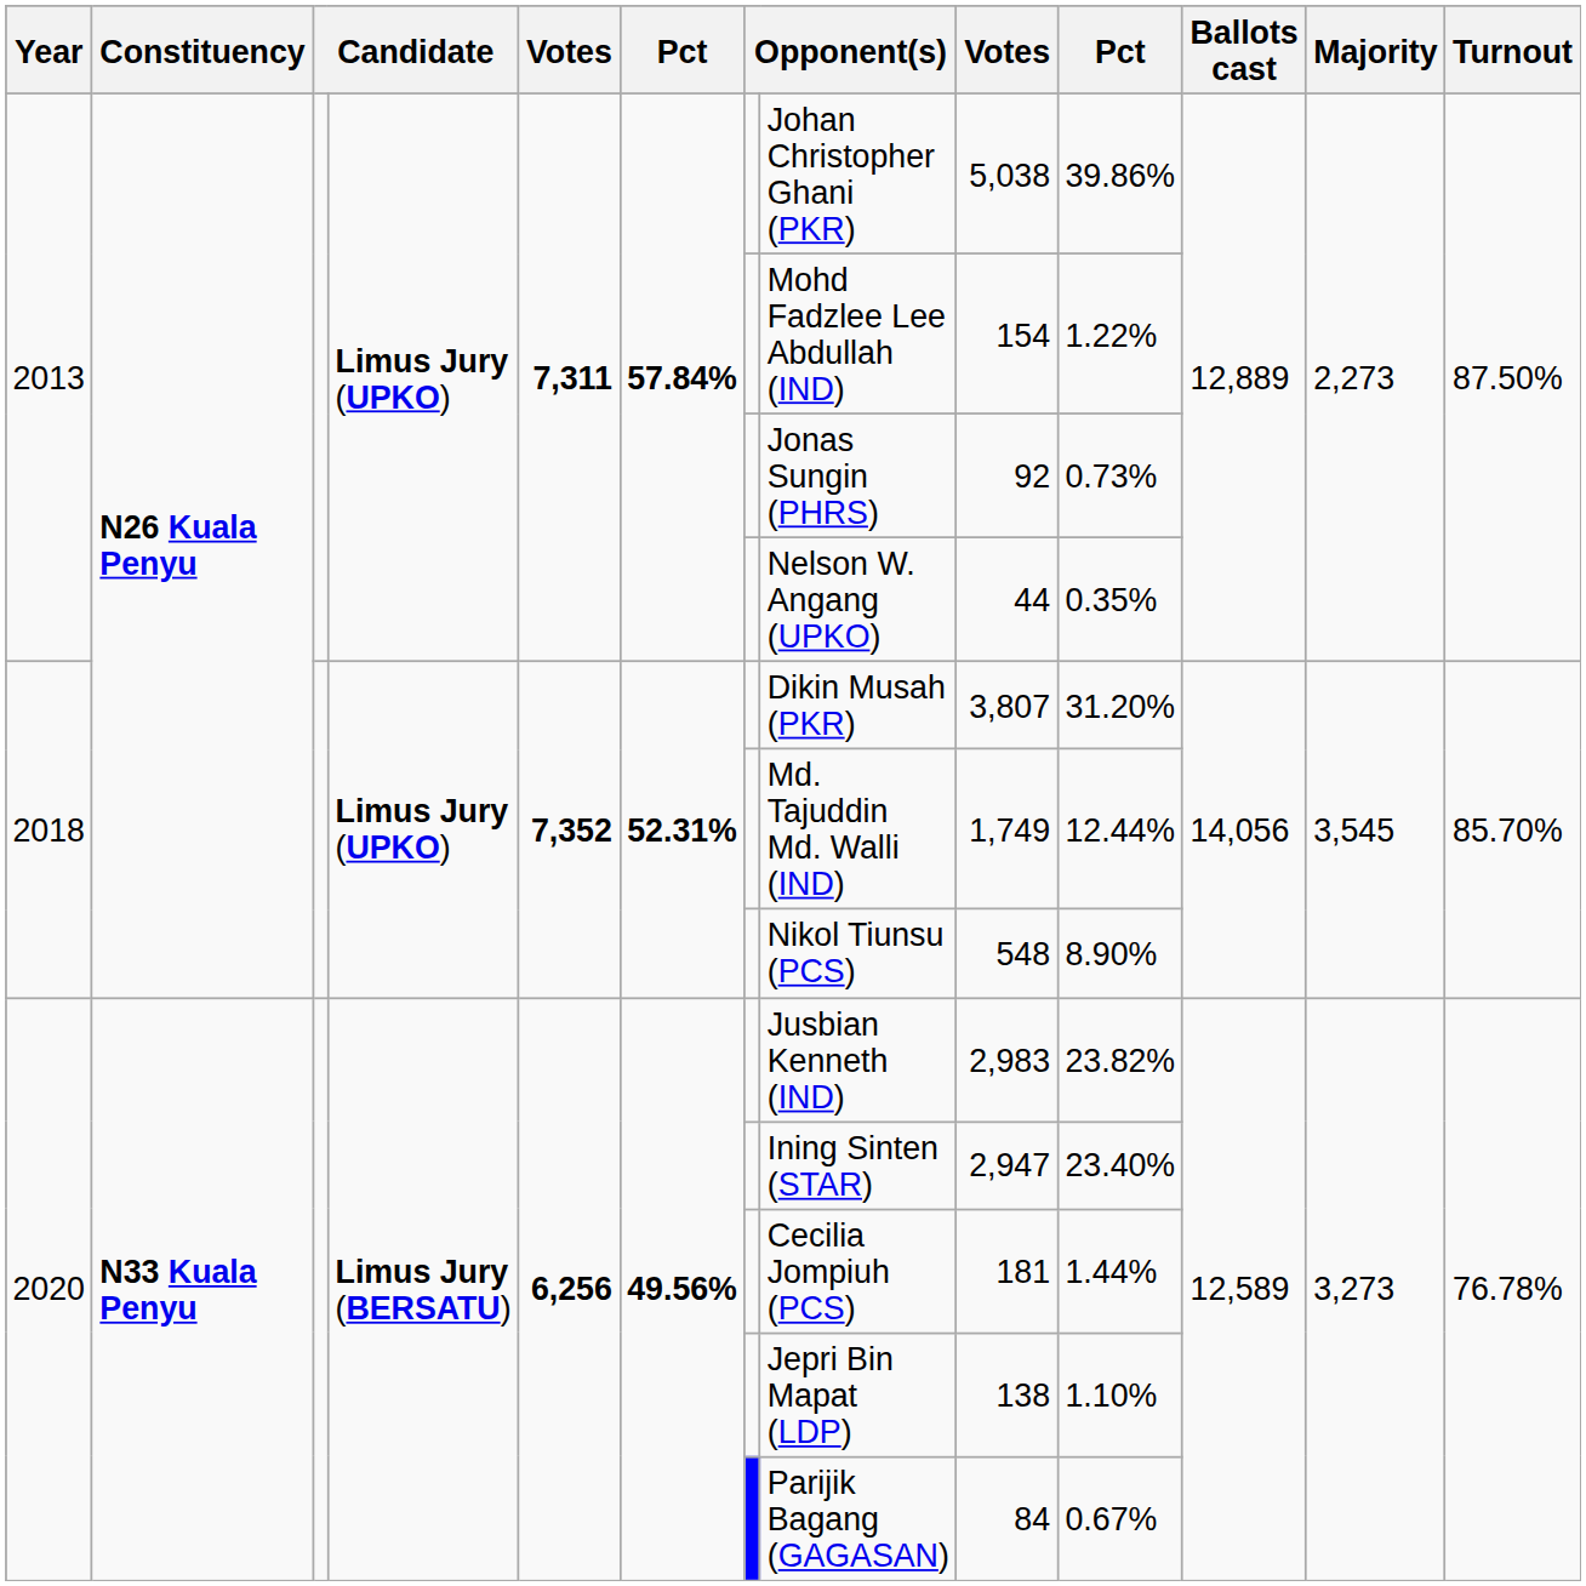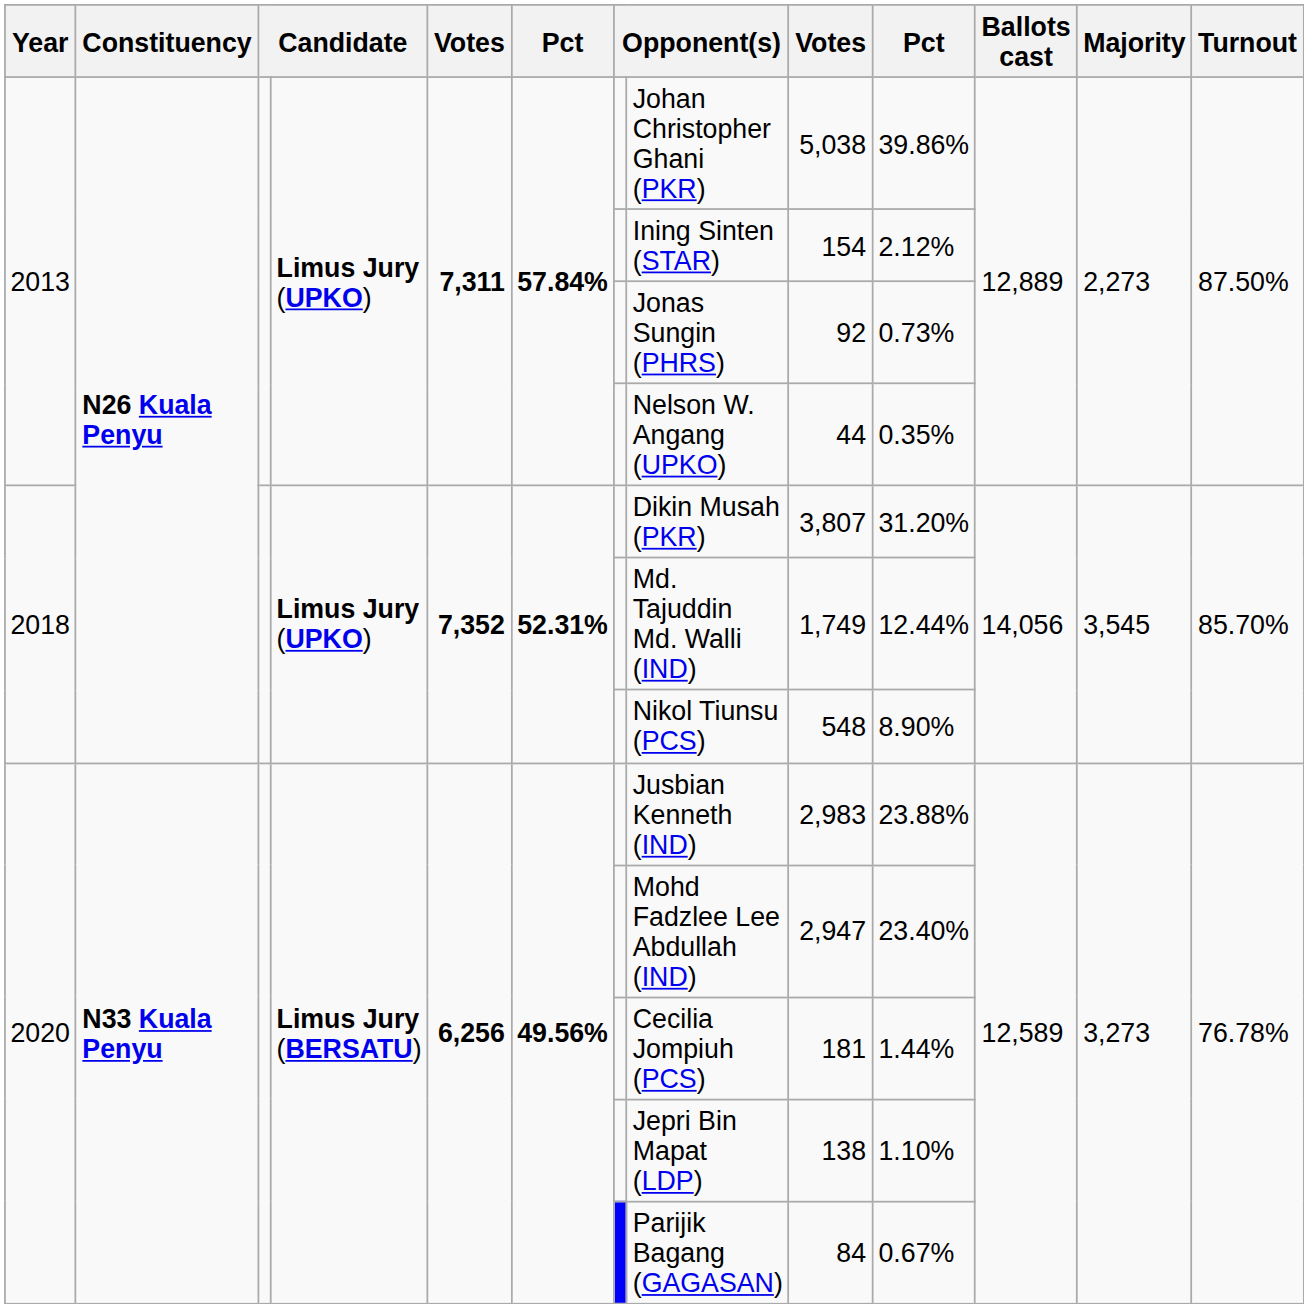 <table class="wikitable" style="margin:0.5em ; font-size:95%">
 <tr>
 <th>Year</th>
 <th>Constituency</th>
 <th colspan=2>Candidate</th>
 <th>Votes</th>
 <th>Pct</th>
 <th colspan=2>Opponent(s)</th>
 <th>Votes</th>
 <th>Pct</th>
 <th>Ballots cast</th>
 <th>Majority</th>
 <th>Turnout</th>
 </tr>
 <tr>
 <td rowspan=4>2013</td>
 <td rowspan=7><strong>N26 <a href='#'>Kuala Penyu</a></strong></td>
 <td rowspan=4 ></td>
 <td rowspan=4><strong>Limus Jury</strong> (<a href='#'><strong>UPKO</strong></a>)</td>
 <td rowspan=4 align="right"><strong>7,311</strong></td>
 <td rowspan=4><strong>57.84%</strong></td>
 <td></td>
 <td>Johan Christopher Ghani (<a href='#'>PKR</a>)</td>
 <td align="right">5,038</td>
 <td>39.86%</td>
 <td rowspan=4>12,889</td>
 <td rowspan=4>2,273</td>
 <td rowspan=4>87.50%</td>
 </tr>
 <tr>
 <td></td>
-<td>Mohd Fadzlee Lee Abdullah (<a href='#'>IND</a>)</td>
+<td>Ining Sinten (<a href='#'>STAR</a>)</td>
 <td align="right">154</td>
-<td>1.22%</td>
+<td>2.12%</td>
 </tr>
 <tr>
 <td></td>
 <td>Jonas Sungin (<a href='#'>PHRS</a>)</td>
 <td align="right">92</td>
 <td>0.73%</td>
 </tr>
 <tr>
 <td></td>
 <td>Nelson W. Angang (<a href='#'>UPKO</a>)</td>
 <td align="right">44</td>
 <td>0.35%</td>
 </tr>
 <tr>
 <td rowspan=3>2018</td>
 <td rowspan=3 ></td>
 <td rowspan=3><strong>Limus Jury</strong> (<a href='#'><strong>UPKO</strong></a>)</td>
 <td rowspan=3 align="right"><strong>7,352</strong></td>
 <td rowspan=3><strong>52.31%</strong></td>
 <td></td>
 <td>Dikin Musah (<a href='#'>PKR</a>)</td>
 <td align="right">3,807</td>
 <td>31.20%</td>
 <td rowspan=3>14,056</td>
 <td rowspan=3>3,545</td>
 <td rowspan=3>85.70%</td>
 </tr>
 <tr>
 <td></td>
 <td>Md. Tajuddin Md. Walli (<a href='#'>IND</a>)</td>
 <td align="right">1,749</td>
 <td>12.44%</td>
 </tr>
 <tr>
 <td></td>
 <td>Nikol Tiunsu (<a href='#'>PCS</a>)</td>
 <td align="right">548</td>
 <td>8.90%</td>
 </tr>
 <tr>
 <td rowspan=5>2020</td>
 <td rowspan=5><strong>N33 <a href='#'>Kuala Penyu</a></strong></td>
 <td rowspan=5 bgcolor=></td>
 <td rowspan=5><strong>Limus Jury</strong> (<a href='#'><strong>BERSATU</strong></a>)</td>
 <td rowspan=5 align="right"><strong>6,256</strong></td>
 <td rowspan=5><strong>49.56%</strong></td>
 <td></td>
 <td>Jusbian Kenneth (<a href='#'>IND</a>)</td>
 <td align="right">2,983</td>
-<td>23.82%</td>
+<td>23.88%</td>
 <td rowspan=5>12,589</td>
 <td rowspan=5>3,273</td>
 <td rowspan=5>76.78%</td>
 </tr>
 <tr>
 <td></td>
-<td>Ining Sinten (<a href='#'>STAR</a>)</td>
+<td>Mohd Fadzlee Lee Abdullah (<a href='#'>IND</a>)</td>
 <td align="right">2,947</td>
 <td>23.40%</td>
 </tr>
 <tr>
 <td></td>
 <td>Cecilia Jompiuh (<a href='#'>PCS</a>)</td>
 <td align="right">181</td>
 <td>1.44%</td>
 </tr>
 <tr>
 <td bgcolor=></td>
 <td>Jepri Bin Mapat (<a href='#'>LDP</a>)</td>
 <td align="right">138</td>
 <td>1.10%</td>
 </tr>
 <tr>
 <td bgcolor=blue></td>
 <td>Parijik Bagang (<a href='#'>GAGASAN</a>)</td>
 <td align="right">84</td>
 <td>0.67%</td>
 </tr>
 </table>
